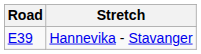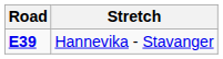 <table class="wikitable sortable">
 <tr>
 <th>Road</th>
 <th>Stretch</th>
 </tr>
 <tr>
-<td><a href='#'>E39</a></td>
+<td><strong><a href='#'>E39</a></strong></td>
 <td><a href='#'>Hannevika</a> - <a href='#'>Stavanger</a></td>
 </tr>
 </table>
